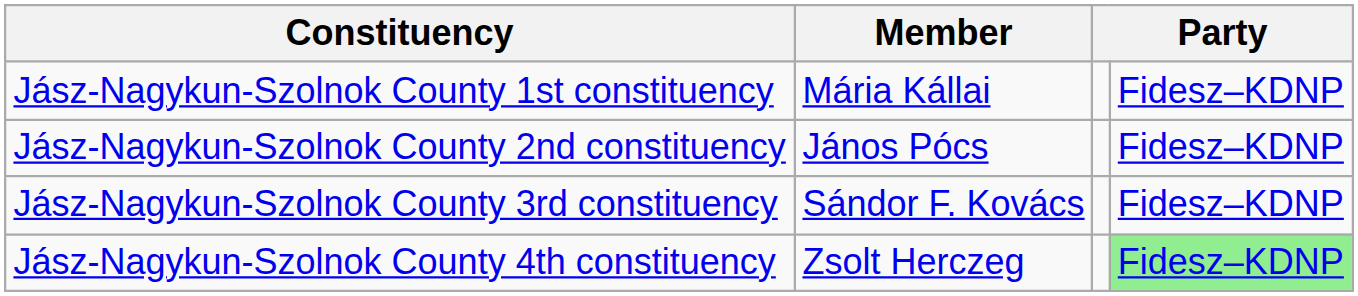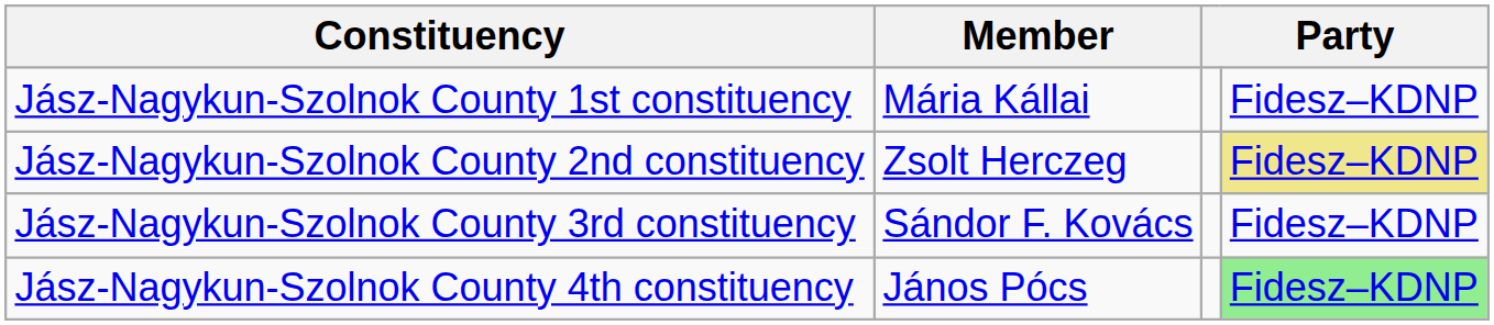 <table class="wikitable">
 <tr>
 <th>Constituency</th>
 <th>Member</th>
 <th colspan="2">Party</th>
 </tr>
 <tr>
 <td><a href='#'>Jász-Nagykun-Szolnok County 1st constituency</a></td>
 <td><a href='#'>Mária Kállai</a></td>
 <td style="background-color: "></td>
 <td><a href='#'>Fidesz–KDNP</a></td>
 </tr>
 <tr>
 <td><a href='#'>Jász-Nagykun-Szolnok County 2nd constituency</a></td>
-<td><a href='#'>János Pócs</a></td>
+<td><a href='#'>Zsolt Herczeg</a></td>
 <td style="background-color: "></td>
-<td><a href='#'>Fidesz–KDNP</a></td>
+<td style="background: khaki;"><a href='#'>Fidesz–KDNP</a></td>
 </tr>
 <tr>
 <td><a href='#'>Jász-Nagykun-Szolnok County 3rd constituency</a></td>
 <td><a href='#'>Sándor F. Kovács</a></td>
 <td style="background-color: "></td>
 <td><a href='#'>Fidesz–KDNP</a></td>
 </tr>
 <tr>
 <td><a href='#'>Jász-Nagykun-Szolnok County 4th constituency</a></td>
-<td><a href='#'>Zsolt Herczeg</a></td>
+<td><a href='#'>János Pócs</a></td>
 <td style="background-color: "></td>
 <td style="background: lightgreen;"><a href='#'>Fidesz–KDNP</a></td>
 </tr>
 </table>
